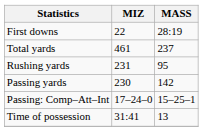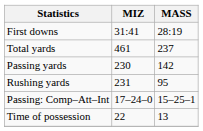 <table class="wikitable" style="float: left;">
 <tr>
 <th>Statistics</th>
 <th>MIZ</th>
 <th>MASS</th>
 </tr>
 <tr>
 <td>First downs</td>
-<td>22</td>
+<td>31:41</td>
 <td>28:19</td>
 </tr>
 <tr>
 <td>Total yards</td>
 <td>461</td>
 <td>237</td>
 </tr>
 <tr>
+<td>Passing yards</td>
+<td>230</td>
+<td>142</td>
+</tr>
+<tr>
 <td>Rushing yards</td>
 <td>231</td>
 <td>95</td>
-</tr>
-<tr>
-<td>Passing yards</td>
-<td>230</td>
-<td>142</td>
 </tr>
 <tr>
 <td>Passing: Comp–Att–Int</td>
 <td>17–24–0</td>
 <td>15–25–1</td>
 </tr>
 <tr>
 <td>Time of possession</td>
-<td>31:41</td>
+<td>22</td>
 <td>13</td>
 </tr>
 <tr>
 </tr>
 </table>
